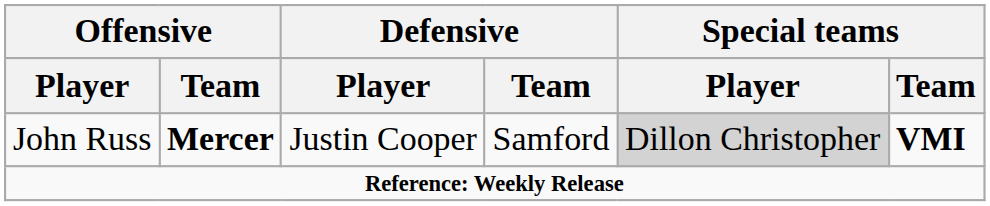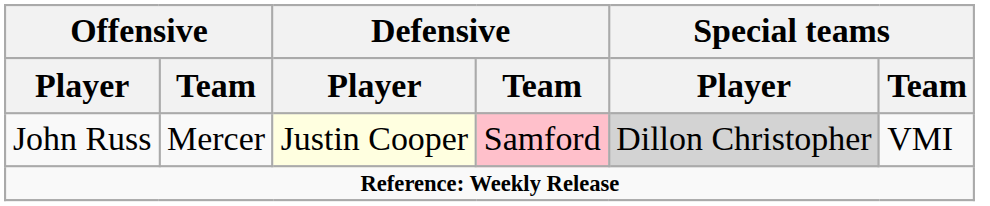 <table class="wikitable" border="1">
 <tr>
 <th colspan="2">Offensive</th>
 <th colspan="2">Defensive</th>
 <th colspan="2">Special teams</th>
 </tr>
 <tr>
 <th>Player</th>
 <th>Team</th>
 <th>Player</th>
 <th>Team</th>
 <th>Player</th>
 <th>Team</th>
 </tr>
 <tr>
 <td>John Russ</td>
-<td><strong>Mercer</strong></td>
-<td>Justin Cooper</td>
-<td>Samford</td>
+<td>Mercer</td>
+<td style="background: lightyellow;">Justin Cooper</td>
+<td style="background: pink;">Samford</td>
 <td style="background: lightgrey;">Dillon Christopher</td>
-<td><strong>VMI</strong></td>
+<td>VMI</td>
 </tr>
 <tr>
 <td colspan="8" style="font-size: 8pt" align="center"><strong>Reference: Weekly Release</strong></td>
 </tr>
 </table>
